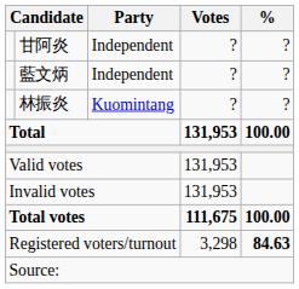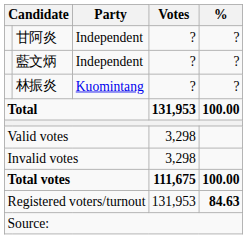 <table class="wikitable">
 <tr>
 <th colspan="2">Candidate</th>
 <th>Party</th>
 <th>Votes</th>
 <th>%</th>
 </tr>
 <tr>
 <td style="background:"></td>
 <td>甘阿炎</td>
 <td>Independent</td>
 <td align="right">?</td>
 <td align="right">?</td>
 </tr>
 <tr>
 <td style="background:"></td>
 <td>藍文炳</td>
 <td>Independent</td>
 <td align="right">?</td>
 <td align="right">?</td>
 </tr>
 <tr>
 <td style="background:"></td>
 <td>林振炎</td>
 <td><a href='#'>Kuomintang</a></td>
 <td align="right">?</td>
 <td align="right">?</td>
 </tr>
 <tr>
 <td colspan="3"><strong>Total</strong></td>
 <td align="right"><strong>131,953</strong></td>
 <td align="right"><strong>100.00</strong></td>
 </tr>
 <tr>
 <th colspan="5"></th>
 </tr>
 <tr>
 <td colspan="3">Valid votes</td>
-<td align="right">131,953</td>
+<td align="right">3,298</td>
 <td align="right"></td>
 </tr>
 <tr>
 <td colspan="3">Invalid votes</td>
-<td align="right">131,953</td>
+<td align="right">3,298</td>
 <td align="right"></td>
 </tr>
 <tr>
 <td colspan="3"><strong>Total votes</strong></td>
 <td align="right"><strong>111,675</strong></td>
 <td align="right"><strong>100.00</strong></td>
 </tr>
 <tr>
 <td colspan="3">Registered voters/turnout</td>
-<td align="right">3,298</td>
+<td align="right">131,953</td>
 <td align="right"><strong>84.63</strong></td>
 </tr>
 <tr>
 <td colspan="5">Source:</td>
 </tr>
 </table>
